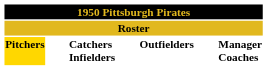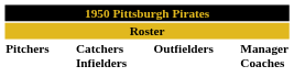 <table class="toccolours" style="font-size: 95%;">
 <tr>
 <th colspan="10" style="background-color: black; color: #e1b81e; text-align: center;">1950 Pittsburgh Pirates</th>
 </tr>
 <tr>
 <td colspan="10" style="background-color: #e1b81e; color: black; text-align: center;"><strong>Roster</strong></td>
 </tr>
 <tr>
-<td valign="top" style="background: gold;"><strong>Pitchers</strong><br>                </td>
+<td valign="top"><strong>Pitchers</strong><br>                </td>
 <td width="25px"></td>
 <td valign="top"><strong>Catchers</strong><br>    <strong>Infielders</strong>             </td>
 <td width="25px"></td>
 <td valign="top"><strong>Outfielders</strong><br>     </td>
 <td width="25px"></td>
 <td valign="top"><strong>Manager</strong><br> <strong>Coaches</strong>     </td>
 </tr>
 </table>
